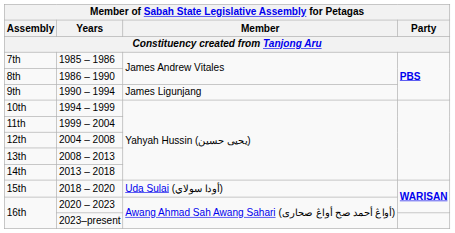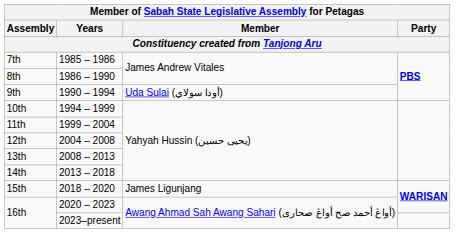 <table class="wikitable">
 <tr>
 <th colspan="4">Member of <a href='#'>Sabah State Legislative Assembly</a> for Petagas</th>
 </tr>
 <tr>
 <th>Assembly</th>
 <th>Years</th>
 <th>Member</th>
 <th>Party</th>
 </tr>
 <tr>
 <th colspan="4" align="center"><em>Constituency created from <a href='#'>Tanjong Aru</a></em></th>
 </tr>
 <tr>
 <td>7th</td>
 <td>1985 – 1986</td>
 <td rowspan="2">James Andrew Vitales</td>
 <td rowspan="3"><strong><a href='#'>PBS</a></strong></td>
 </tr>
 <tr>
 <td>8th</td>
 <td>1986 – 1990</td>
 </tr>
 <tr>
 <td>9th</td>
 <td>1990 – 1994</td>
-<td>James Ligunjang</td>
+<td><a href='#'>Uda Sulai</a> (أودا سولاي)</td>
 </tr>
 <tr>
 <td>10th</td>
 <td>1994 – 1999</td>
 <td rowspan="5">Yahyah Hussin (يحيى حسين)</td>
 <td rowspan="5"></td>
 </tr>
 <tr>
 <td>11th</td>
 <td>1999 – 2004</td>
 </tr>
 <tr>
 <td>12th</td>
 <td>2004 – 2008</td>
 </tr>
 <tr>
 <td>13th</td>
 <td>2008 – 2013</td>
 </tr>
 <tr>
 <td>14th</td>
 <td>2013 – 2018</td>
 </tr>
 <tr>
 <td>15th</td>
 <td>2018 – 2020</td>
-<td><a href='#'>Uda Sulai</a> (أودا سولاي)</td>
+<td>James Ligunjang</td>
 <td rowspan="2"><strong><a href='#'>WARISAN</a></strong></td>
 </tr>
 <tr>
 <td rowspan="2">16th</td>
 <td>2020 – 2023</td>
 <td rowspan="2"><a href='#'>Awang Ahmad Sah Awang Sahari</a> (أواڠ أحمد صح أواڠ صحارى)</td>
 </tr>
 <tr>
 <td>2023–present</td>
 <td></td>
 </tr>
 </table>
